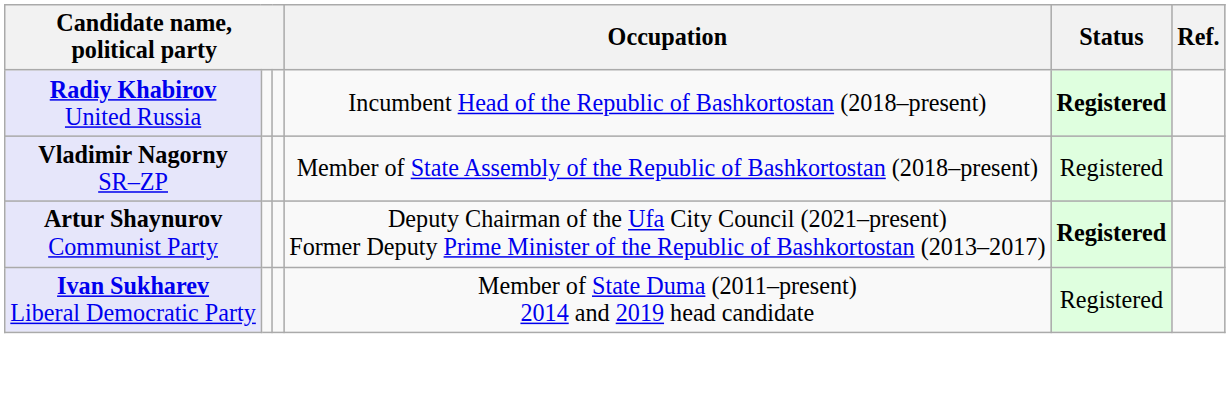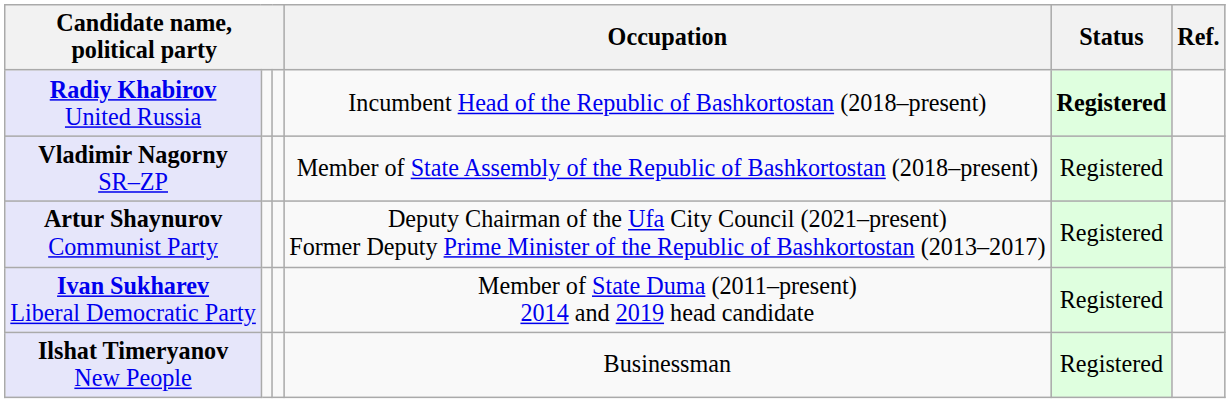 <table class="wikitable" style="text-align:center;">
 <tr>
 <th colspan="3">Candidate name,<br>political party</th>
 <th>Occupation</th>
 <th>Status</th>
 <th>Ref.</th>
 </tr>
 <tr>
 <td style="background:lavender;"><strong><a href='#'>Radiy Khabirov</a></strong><br><a href='#'>United Russia</a></td>
 <td style="background-color:"></td>
 <td></td>
 <td>Incumbent <a href='#'>Head of the Republic of Bashkortostan</a> (2018–present)</td>
 <td bgcolor="#DFFFDF"><strong>Registered</strong></td>
 <td></td>
 </tr>
 <tr>
 <td style="background:lavender;"><strong>Vladimir Nagorny</strong><br><a href='#'>SR–ZP</a></td>
 <td style="background-color:"></td>
 <td></td>
 <td>Member of <a href='#'>State Assembly of the Republic of Bashkortostan</a> (2018–present)</td>
 <td bgcolor="#DFFFDF">Registered</td>
 <td></td>
 </tr>
 <tr>
 <td style="background:lavender;"><strong>Artur Shaynurov</strong><br><a href='#'>Communist Party</a></td>
 <td style="background-color:"></td>
 <td></td>
 <td>Deputy Chairman of the <a href='#'>Ufa</a> City Council (2021–present)<br>Former Deputy <a href='#'>Prime Minister of the Republic of Bashkortostan</a> (2013–2017)</td>
-<td bgcolor="#DFFFDF"><strong>Registered</strong></td>
+<td bgcolor="#DFFFDF">Registered</td>
 <td><br></td>
 </tr>
 <tr>
 <td style="background:lavender;"><strong><a href='#'>Ivan Sukharev</a></strong><br><a href='#'>Liberal Democratic Party</a></td>
 <td style="background-color:"></td>
 <td></td>
 <td>Member of <a href='#'>State Duma</a> (2011–present)<br><a href='#'>2014</a> and <a href='#'>2019</a> head candidate</td>
 <td bgcolor="#DFFFDF">Registered</td>
 <td></td>
 </tr>
+<tr>
+<td style="background:lavender;"><strong>Ilshat Timeryanov</strong><br><a href='#'>New People</a></td>
+<td style="background-color:"></td>
+<td></td>
+<td>Businessman</td>
+<td bgcolor="#DFFFDF">Registered</td>
+<td></td>
+</tr>
 </table>
